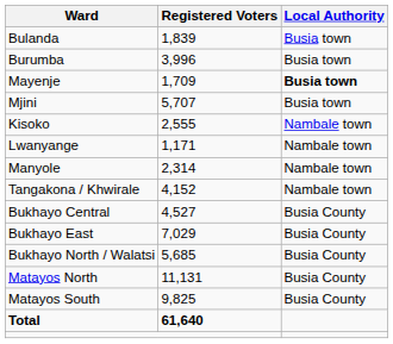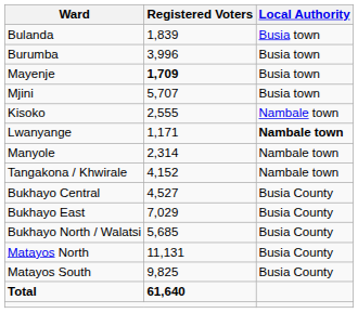 <table class="wikitable">
 <tr>
 <th>Ward</th>
 <th>Registered Voters</th>
 <th><a href='#'>Local Authority</a></th>
 </tr>
 <tr>
 <td>Bulanda</td>
 <td>1,839</td>
 <td><a href='#'>Busia</a> town</td>
 </tr>
 <tr>
 <td>Burumba</td>
 <td>3,996</td>
 <td>Busia town</td>
 </tr>
 <tr>
 <td>Mayenje</td>
-<td>1,709</td>
-<td><strong>Busia town</strong></td>
+<td><strong>1,709</strong></td>
+<td>Busia town</td>
 </tr>
 <tr>
 <td>Mjini</td>
 <td>5,707</td>
 <td>Busia town</td>
 </tr>
 <tr>
 <td>Kisoko</td>
 <td>2,555</td>
 <td><a href='#'>Nambale</a> town</td>
 </tr>
 <tr>
 <td>Lwanyange</td>
 <td>1,171</td>
-<td>Nambale town</td>
+<td><strong>Nambale town</strong></td>
 </tr>
 <tr>
 <td>Manyole</td>
 <td>2,314</td>
 <td>Nambale town</td>
 </tr>
 <tr>
 <td>Tangakona / Khwirale</td>
 <td>4,152</td>
 <td>Nambale town</td>
 </tr>
 <tr>
 <td>Bukhayo Central</td>
 <td>4,527</td>
 <td>Busia County</td>
 </tr>
 <tr>
 <td>Bukhayo East</td>
 <td>7,029</td>
 <td>Busia County</td>
 </tr>
 <tr>
 <td>Bukhayo North / Walatsi</td>
 <td>5,685</td>
 <td>Busia County</td>
 </tr>
 <tr>
 <td><a href='#'>Matayos</a> North</td>
 <td>11,131</td>
 <td>Busia County</td>
 </tr>
 <tr>
 <td>Matayos South</td>
 <td>9,825</td>
 <td>Busia County</td>
 </tr>
 <tr>
 <td><strong>Total</strong></td>
 <td><strong>61,640</strong></td>
 <td></td>
 </tr>
 <tr>
 <td colspan="2"></td>
 </tr>
 </table>
